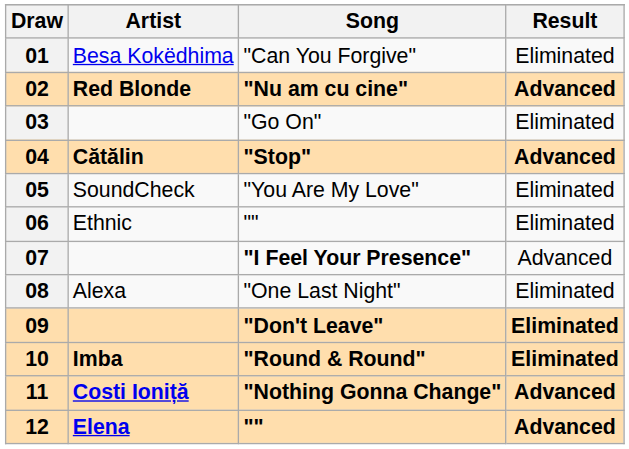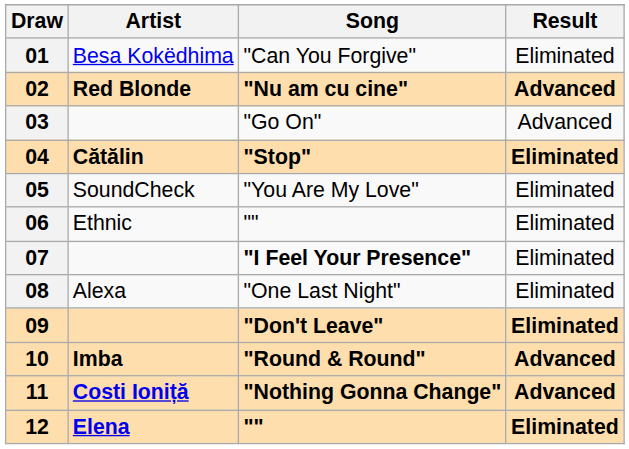 <table class="wikitable sortable plainrowheaders" style="margin: 1em auto 1em auto; text-align:center">
 <tr>
 </tr>
 <tr>
 <th scope="col">Draw</th>
 <th scope="col">Artist</th>
 <th scope="col">Song</th>
 <th scope="col">Result</th>
 </tr>
 <tr>
 <th scope="row" style="text-align:center;">01</th>
 <td style="text-align:left;"><a href='#'>Besa Kokëdhima</a></td>
 <td style="text-align:left;">"Can You Forgive"</td>
 <td>Eliminated</td>
 </tr>
 <tr style="font-weight:bold; background:navajowhite;">
 <th scope="row" style="text-align:center; font-weight:bold; background:navajowhite;">02</th>
 <td style="text-align:left;">Red Blonde</td>
 <td style="text-align:left;">"Nu am cu cine"</td>
 <td>Advanced</td>
 </tr>
 <tr>
 <th scope="row" style="text-align:center;">03</th>
 <td style="text-align:left;"></td>
 <td style="text-align:left;">"Go On"</td>
-<td>Eliminated</td>
+<td>Advanced</td>
 </tr>
 <tr style="font-weight:bold; background:navajowhite;">
 <th scope="row" style="text-align:center; font-weight:bold; background:navajowhite;">04</th>
 <td style="text-align:left;">Cătălin</td>
 <td style="text-align:left;">"Stop"</td>
-<td>Advanced</td>
+<td>Eliminated</td>
 </tr>
 <tr>
 <th scope="row" style="text-align:center;">05</th>
 <td style="text-align:left;">SoundCheck</td>
 <td style="text-align:left;">"You Are My Love"</td>
 <td>Eliminated</td>
 </tr>
 <tr>
 <th scope="row" style="text-align:center;">06</th>
 <td style="text-align:left;">Ethnic</td>
 <td style="text-align:left;">""</td>
 <td>Eliminated</td>
 </tr>
 <tr>
 <th scope="row" style="text-align:center;">07</th>
 <td style="text-align:left;"></td>
 <td style="text-align:left;"><strong>"I Feel Your Presence"</strong></td>
-<td>Advanced</td>
+<td>Eliminated</td>
 </tr>
 <tr>
 <th scope="row" style="text-align:center;">08</th>
 <td style="text-align:left;">Alexa</td>
 <td style="text-align:left;">"One Last Night"</td>
 <td>Eliminated</td>
 </tr>
 <tr style="font-weight:bold; background:navajowhite;">
 <th scope="row" style="text-align:center; font-weight:bold; background:navajowhite;">09</th>
 <td style="text-align:left;"></td>
 <td style="text-align:left;">"Don't Leave"</td>
 <td>Eliminated</td>
 </tr>
 <tr style="font-weight:bold; background:navajowhite;">
 <th scope="row" style="text-align:center; font-weight:bold; background:navajowhite;">10</th>
 <td style="text-align:left;">Imba</td>
 <td style="text-align:left;">"Round & Round"</td>
-<td>Eliminated</td>
+<td>Advanced</td>
 </tr>
 <tr style="font-weight:bold; background:navajowhite;">
 <th scope="row" style="text-align:center; font-weight:bold; background:navajowhite;">11</th>
 <td style="text-align:left;"><a href='#'>Costi Ioniță</a></td>
 <td style="text-align:left;">"Nothing Gonna Change"</td>
 <td>Advanced</td>
 </tr>
 <tr style="font-weight:bold; background:navajowhite;">
 <th scope="row" style="text-align:center; font-weight:bold; background:navajowhite;">12</th>
 <td style="text-align:left;"><a href='#'>Elena</a></td>
 <td style="text-align:left;">""</td>
-<td>Advanced</td>
+<td>Eliminated</td>
 </tr>
 </table>
